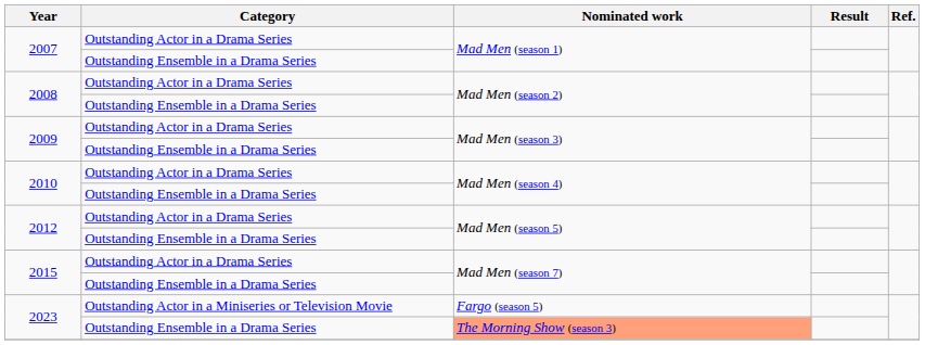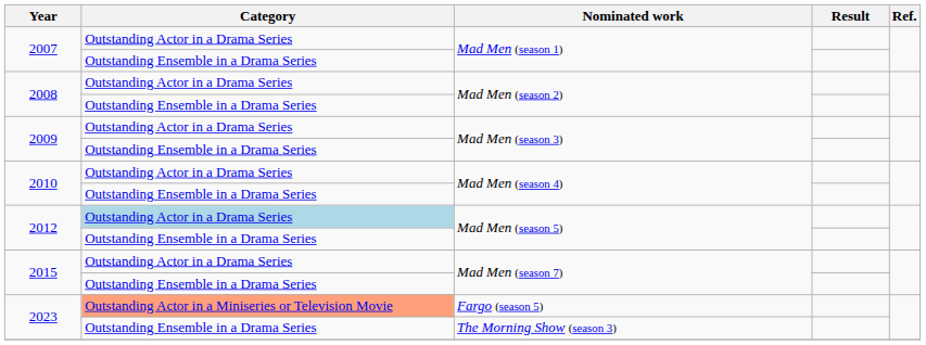 <table class=wikitable>
 <tr>
 <th scope="col" style="width:5em;">Year</th>
 <th scope="col" style="width:26em;">Category</th>
 <th scope="col" style="width:25em;">Nominated work</th>
 <th scope="col" style="width:5em;">Result</th>
 <th scope="col">Ref.</th>
 </tr>
 <tr>
 <td style="text-align:center;", rowspan="2"><a href='#'>2007</a></td>
 <td><a href='#'>Outstanding Actor in a Drama Series</a></td>
 <td rowspan=2><em><a href='#'>Mad Men</a></em> <small> (<a href='#'>season 1</a>) </small></td>
 <td></td>
 <td rowspan=2></td>
 </tr>
 <tr>
 <td><a href='#'>Outstanding Ensemble in a Drama Series</a></td>
 <td></td>
 </tr>
 <tr>
 <td style="text-align:center;", rowspan="2"><a href='#'>2008</a></td>
 <td><a href='#'>Outstanding Actor in a Drama Series</a></td>
 <td rowspan=2><em>Mad Men</em> <small> (<a href='#'>season 2</a>) </small></td>
 <td></td>
 <td rowspan=2></td>
 </tr>
 <tr>
 <td><a href='#'>Outstanding Ensemble in a Drama Series</a></td>
 <td></td>
 </tr>
 <tr>
 <td style="text-align:center;", rowspan="2"><a href='#'>2009</a></td>
 <td><a href='#'>Outstanding Actor in a Drama Series</a></td>
 <td rowspan=2><em>Mad Men</em> <small> (<a href='#'>season 3</a>) </small></td>
 <td></td>
 <td rowspan=2></td>
 </tr>
 <tr>
 <td><a href='#'>Outstanding Ensemble in a Drama Series</a></td>
 <td></td>
 </tr>
 <tr>
 <td style="text-align:center;", rowspan="2"><a href='#'>2010</a></td>
 <td><a href='#'>Outstanding Actor in a Drama Series</a></td>
 <td rowspan=2><em>Mad Men</em> <small> (<a href='#'>season 4</a>) </small></td>
 <td></td>
 <td rowspan=2></td>
 </tr>
 <tr>
 <td><a href='#'>Outstanding Ensemble in a Drama Series</a></td>
 <td></td>
 </tr>
 <tr>
 <td style="text-align:center;", rowspan="2"><a href='#'>2012</a></td>
-<td><a href='#'>Outstanding Actor in a Drama Series</a></td>
+<td style="background: lightblue;"><a href='#'>Outstanding Actor in a Drama Series</a></td>
 <td rowspan=2><em>Mad Men</em> <small> (<a href='#'>season 5</a>) </small></td>
 <td></td>
 <td rowspan=2></td>
 </tr>
 <tr>
 <td><a href='#'>Outstanding Ensemble in a Drama Series</a></td>
 <td></td>
 </tr>
 <tr>
 <td style="text-align:center;", rowspan="2"><a href='#'>2015</a></td>
 <td><a href='#'>Outstanding Actor in a Drama Series</a></td>
 <td rowspan=2><em>Mad Men</em> <small> (<a href='#'>season 7</a>) </small></td>
 <td></td>
 <td rowspan=2></td>
 </tr>
 <tr>
 <td><a href='#'>Outstanding Ensemble in a Drama Series</a></td>
 <td></td>
 </tr>
 <tr>
 <td rowspan="2" align="center"><a href='#'>2023</a></td>
-<td><a href='#'>Outstanding Actor in a Miniseries or Television Movie</a></td>
+<td style="background: lightsalmon;"><a href='#'>Outstanding Actor in a Miniseries or Television Movie</a></td>
 <td><em><a href='#'>Fargo</a></em> <small> (<a href='#'>season 5</a>) </small></td>
 <td></td>
 <td rowspan=2></td>
 </tr>
 <tr>
 <td><a href='#'>Outstanding Ensemble in a Drama Series</a></td>
-<td style="background: lightsalmon;"><em><a href='#'>The Morning Show</a></em> <small> (<a href='#'>season 3</a>) </small></td>
+<td><em><a href='#'>The Morning Show</a></em> <small> (<a href='#'>season 3</a>) </small></td>
 <td></td>
 </tr>
 <tr>
 </tr>
 </table>
